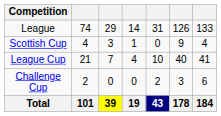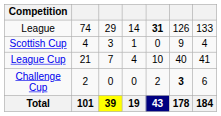 <table class="wikitable" style="text-align:center">
 <tr>
 <th width=100>Competition</th>
 <th width=35></th>
 <th width=30></th>
 <th width=30></th>
 <th width=30></th>
 <th width=30></th>
 <th width=30></th>
 </tr>
 <tr>
 <td>League</td>
 <td>74</td>
 <td>29</td>
 <td>14</td>
-<td>31</td>
+<td><strong>31</strong></td>
 <td>126</td>
 <td>133</td>
 </tr>
 <tr>
 <td><a href='#'>Scottish Cup</a></td>
 <td>4</td>
 <td>3</td>
 <td>1</td>
 <td>0</td>
 <td>9</td>
 <td>4</td>
 </tr>
 <tr>
 <td><a href='#'>League Cup</a></td>
 <td>21</td>
 <td>7</td>
 <td>4</td>
 <td>10</td>
 <td>40</td>
 <td>41</td>
 </tr>
 <tr>
 <td><a href='#'>Challenge Cup</a></td>
 <td>2</td>
 <td>0</td>
 <td>0</td>
 <td>2</td>
-<td>3</td>
+<td><strong>3</strong></td>
 <td>6</td>
 </tr>
 <tr>
 <th>Total</th>
 <th>101</th>
 <th style="text-align:center; color:black; background:yellow;">39</th>
 <th>19</th>
 <th style="text-align:center; color:white; background:#000080;">43</th>
 <th>178</th>
 <th>184</th>
 </tr>
 </table>
